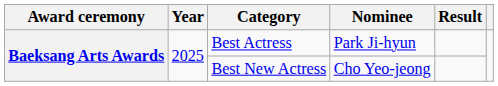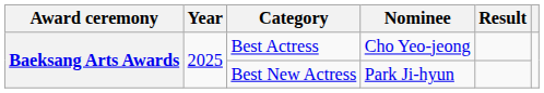 <table class="wikitable plainrowheaders sortable">
 <tr>
 <th scope="col">Award ceremony</th>
 <th scope="col">Year</th>
 <th scope="col">Category</th>
 <th scope="col">Nominee</th>
 <th scope="col">Result</th>
 <th scope="col" class="unsortable"></th>
 </tr>
 <tr>
 <th scope="row" rowspan="2"><a href='#'>Baeksang Arts Awards</a></th>
 <td rowspan="2" style="text-align:center"><a href='#'>2025</a></td>
 <td><a href='#'>Best Actress</a></td>
-<td><a href='#'>Park Ji-hyun</a></td>
+<td><a href='#'>Cho Yeo-jeong</a></td>
 <td></td>
 <td rowspan="2" style="text-align:center"></td>
 </tr>
 <tr>
 <td><a href='#'>Best New Actress</a></td>
-<td><a href='#'>Cho Yeo-jeong</a></td>
+<td><a href='#'>Park Ji-hyun</a></td>
 <td></td>
 </tr>
 </table>
